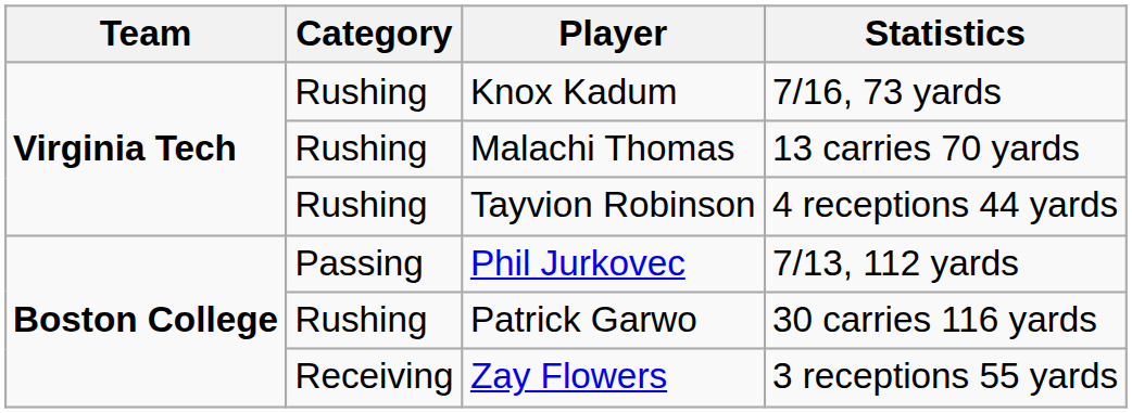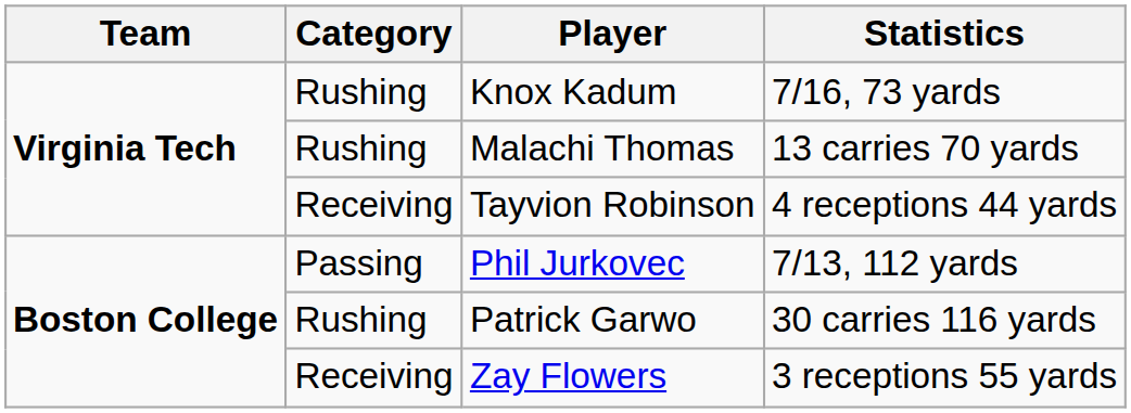 <table class="wikitable" style="float: right;">
 <tr>
 <th>Team</th>
 <th>Category</th>
 <th>Player</th>
 <th>Statistics</th>
 </tr>
 <tr>
 <td rowspan=3><strong>Virginia Tech</strong></td>
 <td>Rushing</td>
 <td>Knox Kadum</td>
 <td>7/16, 73 yards</td>
 </tr>
 <tr>
 <td>Rushing</td>
 <td>Malachi Thomas</td>
 <td>13 carries 70 yards</td>
 </tr>
 <tr>
-<td>Rushing</td>
+<td>Receiving</td>
 <td>Tayvion Robinson</td>
 <td>4 receptions 44 yards</td>
 </tr>
 <tr>
 <td rowspan=3><strong>Boston College</strong></td>
 <td>Passing</td>
 <td><a href='#'>Phil Jurkovec</a></td>
 <td>7/13, 112 yards</td>
 </tr>
 <tr>
 <td>Rushing</td>
 <td>Patrick Garwo</td>
 <td>30 carries 116 yards</td>
 </tr>
 <tr>
 <td>Receiving</td>
 <td><a href='#'>Zay Flowers</a></td>
 <td>3 receptions 55 yards</td>
 </tr>
 </table>
